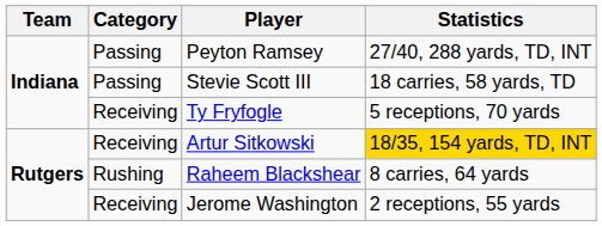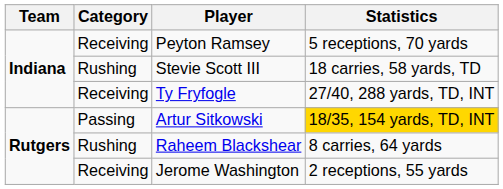 <table class="wikitable" style="float: right;">
 <tr>
 <th>Team</th>
 <th>Category</th>
 <th>Player</th>
 <th>Statistics</th>
 </tr>
 <tr>
 <td rowspan=3><strong>Indiana</strong></td>
-<td>Passing</td>
+<td>Receiving</td>
 <td>Peyton Ramsey</td>
-<td>27/40, 288 yards, TD, INT</td>
+<td>5 receptions, 70 yards</td>
 </tr>
 <tr>
-<td>Passing</td>
+<td>Rushing</td>
 <td>Stevie Scott III</td>
 <td>18 carries, 58 yards, TD</td>
 </tr>
 <tr>
 <td>Receiving</td>
 <td><a href='#'>Ty Fryfogle</a></td>
-<td>5 receptions, 70 yards</td>
+<td>27/40, 288 yards, TD, INT</td>
 </tr>
 <tr>
 <td rowspan=3><strong>Rutgers</strong></td>
-<td>Receiving</td>
+<td>Passing</td>
 <td><a href='#'>Artur Sitkowski</a></td>
 <td style="background: gold;">18/35, 154 yards, TD, INT</td>
 </tr>
 <tr>
 <td>Rushing</td>
 <td><a href='#'>Raheem Blackshear</a></td>
 <td>8 carries, 64 yards</td>
 </tr>
 <tr>
 <td>Receiving</td>
 <td>Jerome Washington</td>
 <td>2 receptions, 55 yards</td>
 </tr>
 </table>
